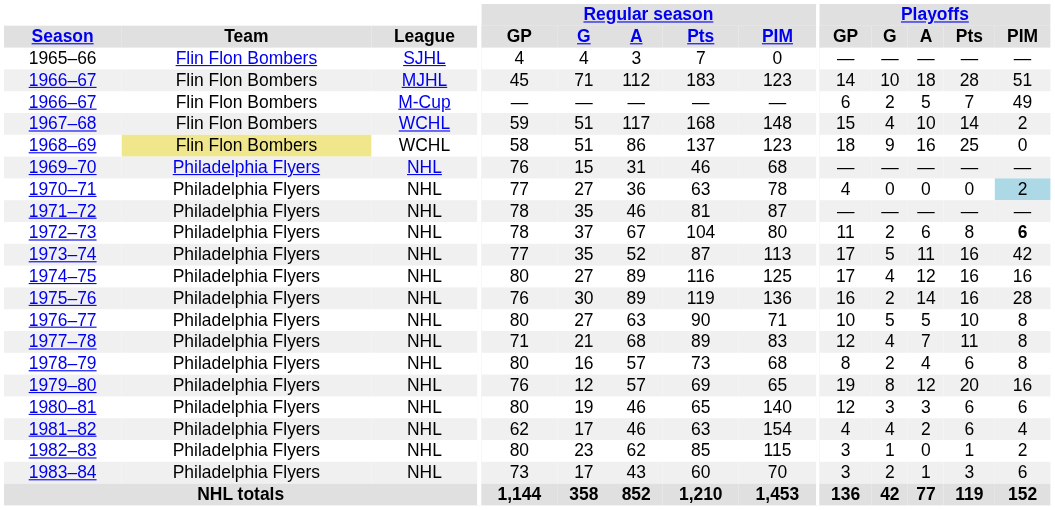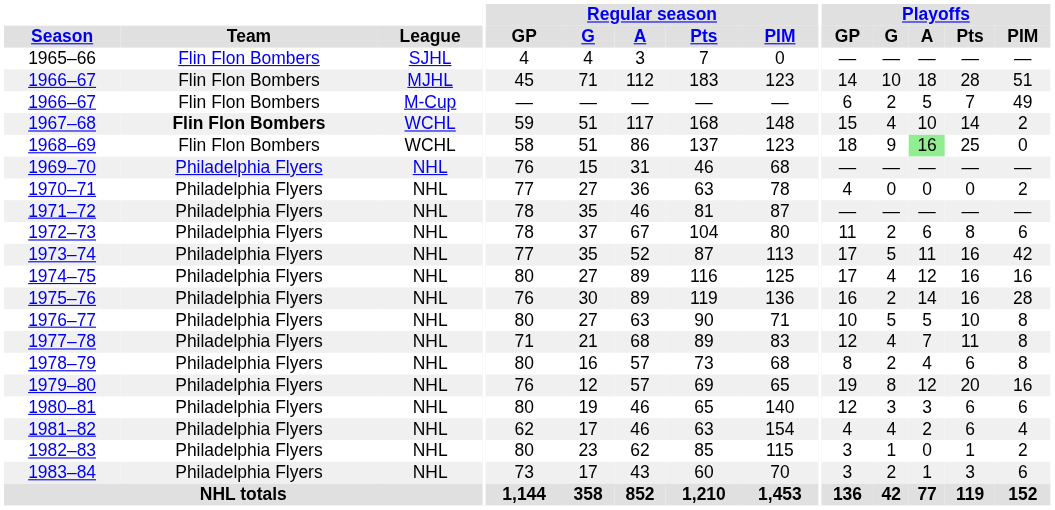 <table border="0" cellpadding="1" cellspacing="0" style="text-align:center; width:60em">
 <tr bgcolor="#e0e0e0">
 <th colspan="3" bgcolor="#ffffff"></th>
 <th rowspan="100" bgcolor="#ffffff"></th>
 <th colspan="5"><a href='#'>Regular season</a></th>
 <th rowspan="100" bgcolor="#ffffff"></th>
 <th colspan="5"><a href='#'>Playoffs</a></th>
 </tr>
 <tr bgcolor="#e0e0e0">
 <th><a href='#'>Season</a></th>
 <th>Team</th>
 <th>League</th>
 <th>GP</th>
 <th><a href='#'>G</a></th>
 <th><a href='#'>A</a></th>
 <th><a href='#'>Pts</a></th>
 <th><a href='#'>PIM</a></th>
 <th>GP</th>
 <th>G</th>
 <th>A</th>
 <th>Pts</th>
 <th>PIM</th>
 </tr>
 <tr>
 <td>1965–66</td>
 <td><a href='#'>Flin Flon Bombers</a></td>
 <td><a href='#'>SJHL</a></td>
 <td>4</td>
 <td>4</td>
 <td>3</td>
 <td>7</td>
 <td>0</td>
 <td>—</td>
 <td>—</td>
 <td>—</td>
 <td>—</td>
 <td>—</td>
 </tr>
 <tr bgcolor="#f0f0f0">
 <td><a href='#'>1966–67</a></td>
 <td>Flin Flon Bombers</td>
 <td><a href='#'>MJHL</a></td>
 <td>45</td>
 <td>71</td>
 <td>112</td>
 <td>183</td>
 <td>123</td>
 <td>14</td>
 <td>10</td>
 <td>18</td>
 <td>28</td>
 <td>51</td>
 </tr>
 <tr>
 <td><a href='#'>1966–67</a></td>
 <td>Flin Flon Bombers</td>
 <td><a href='#'>M-Cup</a></td>
 <td>—</td>
 <td>—</td>
 <td>—</td>
 <td>—</td>
 <td>—</td>
 <td>6</td>
 <td>2</td>
 <td>5</td>
 <td>7</td>
 <td>49</td>
 </tr>
 <tr bgcolor="#f0f0f0">
 <td><a href='#'>1967–68</a></td>
-<td>Flin Flon Bombers</td>
+<td><strong>Flin Flon Bombers</strong></td>
 <td><a href='#'>WCHL</a></td>
 <td>59</td>
 <td>51</td>
 <td>117</td>
 <td>168</td>
 <td>148</td>
 <td>15</td>
 <td>4</td>
 <td>10</td>
 <td>14</td>
 <td>2</td>
 </tr>
 <tr>
 <td><a href='#'>1968–69</a></td>
-<td style="background: khaki;">Flin Flon Bombers</td>
+<td>Flin Flon Bombers</td>
 <td>WCHL</td>
 <td>58</td>
 <td>51</td>
 <td>86</td>
 <td>137</td>
 <td>123</td>
 <td>18</td>
 <td>9</td>
-<td>16</td>
+<td style="background: lightgreen;">16</td>
 <td>25</td>
 <td>0</td>
 </tr>
 <tr bgcolor="#f0f0f0">
 <td><a href='#'>1969–70</a></td>
 <td><a href='#'>Philadelphia Flyers</a></td>
 <td><a href='#'>NHL</a></td>
 <td>76</td>
 <td>15</td>
 <td>31</td>
 <td>46</td>
 <td>68</td>
 <td>—</td>
 <td>—</td>
 <td>—</td>
 <td>—</td>
 <td>—</td>
 </tr>
 <tr>
 <td><a href='#'>1970–71</a></td>
 <td>Philadelphia Flyers</td>
 <td>NHL</td>
 <td>77</td>
 <td>27</td>
 <td>36</td>
 <td>63</td>
 <td>78</td>
 <td>4</td>
 <td>0</td>
 <td>0</td>
 <td>0</td>
-<td style="background: lightblue;">2</td>
+<td>2</td>
 </tr>
 <tr bgcolor="#f0f0f0">
 <td><a href='#'>1971–72</a></td>
 <td>Philadelphia Flyers</td>
 <td>NHL</td>
 <td>78</td>
 <td>35</td>
 <td>46</td>
 <td>81</td>
 <td>87</td>
 <td>—</td>
 <td>—</td>
 <td>—</td>
 <td>—</td>
 <td>—</td>
 </tr>
 <tr>
 <td><a href='#'>1972–73</a></td>
 <td>Philadelphia Flyers</td>
 <td>NHL</td>
 <td>78</td>
 <td>37</td>
 <td>67</td>
 <td>104</td>
 <td>80</td>
 <td>11</td>
 <td>2</td>
 <td>6</td>
 <td>8</td>
-<td><strong>6</strong></td>
+<td>6</td>
 </tr>
 <tr bgcolor="#f0f0f0">
 <td><a href='#'>1973–74</a></td>
 <td>Philadelphia Flyers</td>
 <td>NHL</td>
 <td>77</td>
 <td>35</td>
 <td>52</td>
 <td>87</td>
 <td>113</td>
 <td>17</td>
 <td>5</td>
 <td>11</td>
 <td>16</td>
 <td>42</td>
 </tr>
 <tr>
 <td><a href='#'>1974–75</a></td>
 <td>Philadelphia Flyers</td>
 <td>NHL</td>
 <td>80</td>
 <td>27</td>
 <td>89</td>
 <td>116</td>
 <td>125</td>
 <td>17</td>
 <td>4</td>
 <td>12</td>
 <td>16</td>
 <td>16</td>
 </tr>
 <tr bgcolor="#f0f0f0">
 <td><a href='#'>1975–76</a></td>
 <td>Philadelphia Flyers</td>
 <td>NHL</td>
 <td>76</td>
 <td>30</td>
 <td>89</td>
 <td>119</td>
 <td>136</td>
 <td>16</td>
 <td>2</td>
 <td>14</td>
 <td>16</td>
 <td>28</td>
 </tr>
 <tr>
 <td><a href='#'>1976–77</a></td>
 <td>Philadelphia Flyers</td>
 <td>NHL</td>
 <td>80</td>
 <td>27</td>
 <td>63</td>
 <td>90</td>
 <td>71</td>
 <td>10</td>
 <td>5</td>
 <td>5</td>
 <td>10</td>
 <td>8</td>
 </tr>
 <tr bgcolor="#f0f0f0">
 <td><a href='#'>1977–78</a></td>
 <td>Philadelphia Flyers</td>
 <td>NHL</td>
 <td>71</td>
 <td>21</td>
 <td>68</td>
 <td>89</td>
 <td>83</td>
 <td>12</td>
 <td>4</td>
 <td>7</td>
 <td>11</td>
 <td>8</td>
 </tr>
 <tr>
 <td><a href='#'>1978–79</a></td>
 <td>Philadelphia Flyers</td>
 <td>NHL</td>
 <td>80</td>
 <td>16</td>
 <td>57</td>
 <td>73</td>
 <td>68</td>
 <td>8</td>
 <td>2</td>
 <td>4</td>
 <td>6</td>
 <td>8</td>
 </tr>
 <tr bgcolor="#f0f0f0">
 <td><a href='#'>1979–80</a></td>
 <td>Philadelphia Flyers</td>
 <td>NHL</td>
 <td>76</td>
 <td>12</td>
 <td>57</td>
 <td>69</td>
 <td>65</td>
 <td>19</td>
 <td>8</td>
 <td>12</td>
 <td>20</td>
 <td>16</td>
 </tr>
 <tr>
 <td><a href='#'>1980–81</a></td>
 <td>Philadelphia Flyers</td>
 <td>NHL</td>
 <td>80</td>
 <td>19</td>
 <td>46</td>
 <td>65</td>
 <td>140</td>
 <td>12</td>
 <td>3</td>
 <td>3</td>
 <td>6</td>
 <td>6</td>
 </tr>
 <tr bgcolor="#f0f0f0">
 <td><a href='#'>1981–82</a></td>
 <td>Philadelphia Flyers</td>
 <td>NHL</td>
 <td>62</td>
 <td>17</td>
 <td>46</td>
 <td>63</td>
 <td>154</td>
 <td>4</td>
 <td>4</td>
 <td>2</td>
 <td>6</td>
 <td>4</td>
 </tr>
 <tr>
 <td><a href='#'>1982–83</a></td>
 <td>Philadelphia Flyers</td>
 <td>NHL</td>
 <td>80</td>
 <td>23</td>
 <td>62</td>
 <td>85</td>
 <td>115</td>
 <td>3</td>
 <td>1</td>
 <td>0</td>
 <td>1</td>
 <td>2</td>
 </tr>
 <tr bgcolor="#f0f0f0">
 <td><a href='#'>1983–84</a></td>
 <td>Philadelphia Flyers</td>
 <td>NHL</td>
 <td>73</td>
 <td>17</td>
 <td>43</td>
 <td>60</td>
 <td>70</td>
 <td>3</td>
 <td>2</td>
 <td>1</td>
 <td>3</td>
 <td>6</td>
 </tr>
 <tr bgcolor="#e0e0e0">
 <th colspan="3">NHL totals</th>
 <th>1,144</th>
 <th>358</th>
 <th>852</th>
 <th>1,210</th>
 <th>1,453</th>
 <th>136</th>
 <th>42</th>
 <th>77</th>
 <th>119</th>
 <th>152</th>
 </tr>
 </table>
